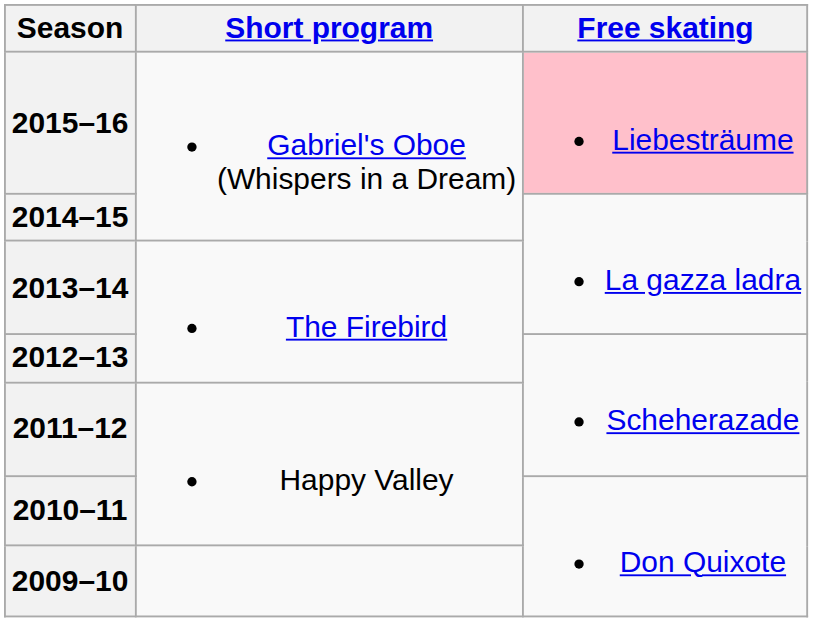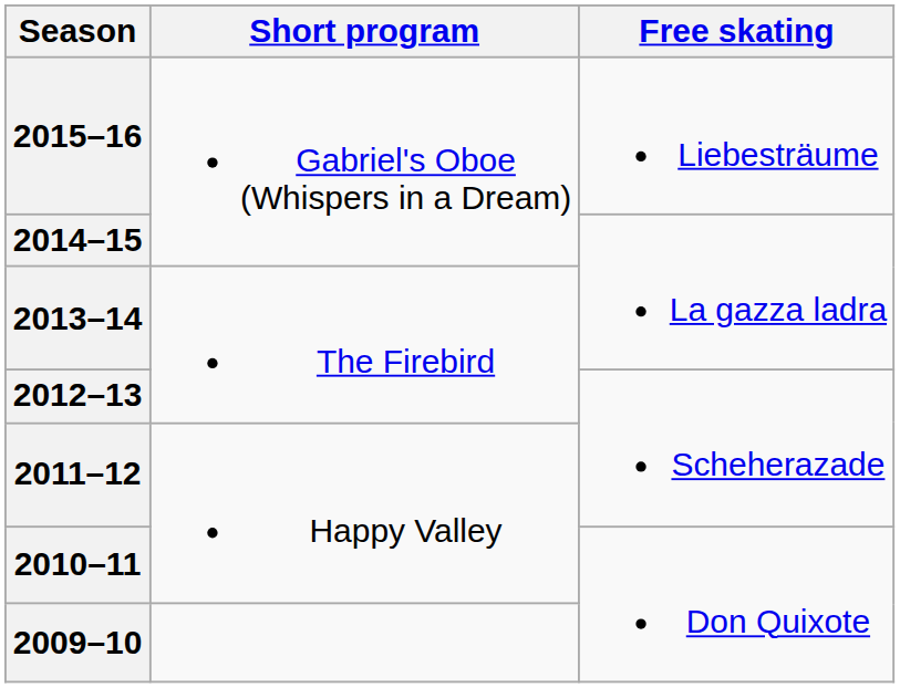 <table class="wikitable" style="text-align:center">
 <tr>
 <th>Season</th>
 <th><a href='#'>Short program</a></th>
 <th><a href='#'>Free skating</a></th>
 </tr>
 <tr>
 <th>2015–16 <br> </th>
 <td rowspan=2><br><ul><li><a href='#'>Gabriel's Oboe</a> <br>(Whispers in a Dream) <br></li></ul></td>
-<td style="background: pink;"><br><ul><li><a href='#'>Liebesträume</a> <br></li></ul></td>
+<td><br><ul><li><a href='#'>Liebesträume</a> <br></li></ul></td>
 </tr>
 <tr>
 <th>2014–15 <br> </th>
 <td rowspan=2><br><ul><li><a href='#'>La gazza ladra</a> <br></li></ul></td>
 </tr>
 <tr>
 <th>2013–14 <br> </th>
 <td rowspan=2><br><ul><li><a href='#'>The Firebird</a> <br></li></ul></td>
 </tr>
 <tr>
 <th>2012–13 <br> </th>
 <td rowspan=2><br><ul><li><a href='#'>Scheherazade</a> <br></li></ul></td>
 </tr>
 <tr>
 <th>2011–12 <br> </th>
 <td rowspan=2><br><ul><li>Happy Valley <br></li></ul></td>
 </tr>
 <tr>
 <th>2010–11 <br> </th>
 <td rowspan=2><br><ul><li><a href='#'>Don Quixote</a> <br></li></ul></td>
 </tr>
 <tr>
 <th>2009–10</th>
 <td></td>
 </tr>
 </table>
